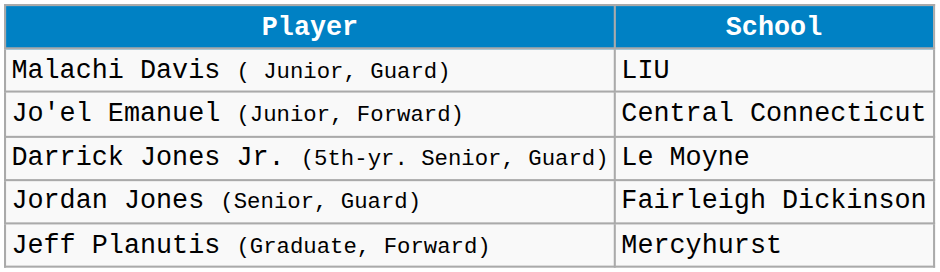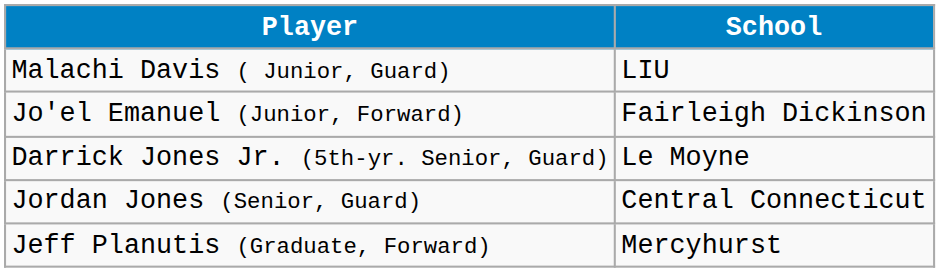 <table class="wikitable" border="1">
 <tr>
 <th align="center" style="background:#0081C4; color:#FFFFFF;">Player</th>
 <th align="center" style="background:#0081C4; color:#FFFFFF;">School</th>
 </tr>
 <tr>
 <td>Malachi Davis <small>( Junior, Guard)</small></td>
 <td style=>LIU</td>
 </tr>
 <tr>
 <td>Jo'el Emanuel <small>(Junior, Forward)</small></td>
-<td style=>Central Connecticut</td>
+<td style=>Fairleigh Dickinson</td>
 </tr>
 <tr>
 <td>Darrick Jones Jr. <small>(5th-yr. Senior, Guard)</small></td>
 <td style=>Le Moyne</td>
 </tr>
 <tr>
 <td>Jordan Jones <small>(Senior, Guard)</small></td>
-<td style=>Fairleigh Dickinson</td>
+<td style=>Central Connecticut</td>
 </tr>
 <tr>
 <td>Jeff Planutis <small>(Graduate, Forward)</small></td>
 <td style=>Mercyhurst</td>
 </tr>
 </table>
